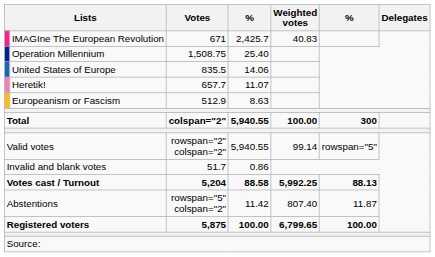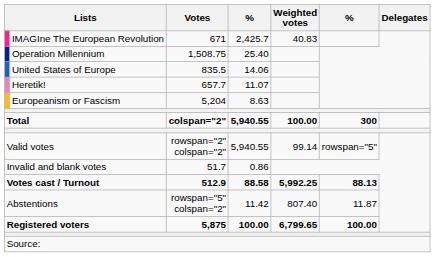 <table class="wikitable" style="text-align:right; font-size:90%;">
 <tr>
 <th colspan="2" width="100">Lists</th>
 <th width="30">Votes</th>
 <th width="40">%</th>
 <th width="30">Weighted votes</th>
 <th width="40">%</th>
 <th width="60">Delegates</th>
 </tr>
 <tr>
 <td width="1" bgcolor=#FE1E90></td>
 <td align="left">IMAGIne The European Revolution</td>
 <td>671</td>
 <td>2,425.7</td>
 <td>40.83</td>
 <td></td>
 </tr>
 <tr>
 <td width="1" bgcolor=#002299></td>
 <td align="left">Operation Millennium</td>
 <td>1,508.75</td>
 <td>25.40</td>
 <td></td>
 </tr>
 <tr>
 <td width="1" bgcolor=#1C64BB></td>
 <td align="left">United States of Europe</td>
 <td>835.5</td>
 <td>14.06</td>
 <td></td>
 </tr>
 <tr>
 <td width="1" bgcolor=#F381B7></td>
 <td align="left">Heretik!</td>
 <td>657.7</td>
 <td>11.07</td>
 <td></td>
 </tr>
 <tr>
 <td width="1" bgcolor=#FBBE10></td>
 <td align="left">Europeanism or Fascism</td>
-<td>512.9</td>
+<td>5,204</td>
 <td>8.63</td>
 <td></td>
 </tr>
 <tr>
 <th colspan="7"></th>
 </tr>
 <tr style="font-weight:bold;">
 <td align="left" colspan="2">Total</td>
 <td>colspan="2" </td>
 <td>5,940.55</td>
 <td>100.00</td>
 <td>300</td>
 </tr>
 <tr>
 <th colspan="7"></th>
 </tr>
 <tr>
 <td colspan="2" align=left>Valid votes</td>
 <td>rowspan="2" colspan="2" </td>
 <td>5,940.55</td>
 <td>99.14</td>
 <td>rowspan="5" </td>
 </tr>
 <tr>
 <td colspan="2" align=left>Invalid and blank votes</td>
 <td>51.7</td>
 <td>0.86</td>
 </tr>
 <tr style="font-weight:bold;">
 <td colspan="2" align=left>Votes cast / Turnout</td>
-<td>5,204</td>
+<td>512.9</td>
 <td>88.58</td>
 <td>5,992.25</td>
 <td>88.13</td>
 </tr>
 <tr>
 <td colspan="2" align="left">Abstentions</td>
 <td>rowspan="5" colspan="2" </td>
 <td>11.42</td>
 <td>807.40</td>
 <td>11.87</td>
 </tr>
 <tr style="font-weight:bold;">
 <td colspan="2" align=left>Registered voters</td>
 <td>5,875</td>
 <td>100.00</td>
 <td>6,799.65</td>
 <td>100.00</td>
 </tr>
 <tr>
 <th colspan="7"></th>
 </tr>
 <tr>
 <td colspan="7" align="left">Source: </td>
 </tr>
 </table>
